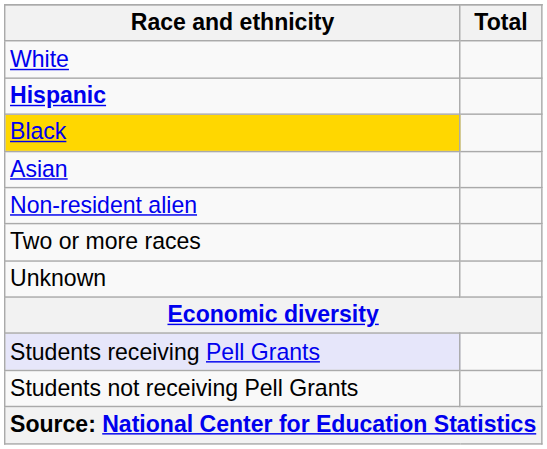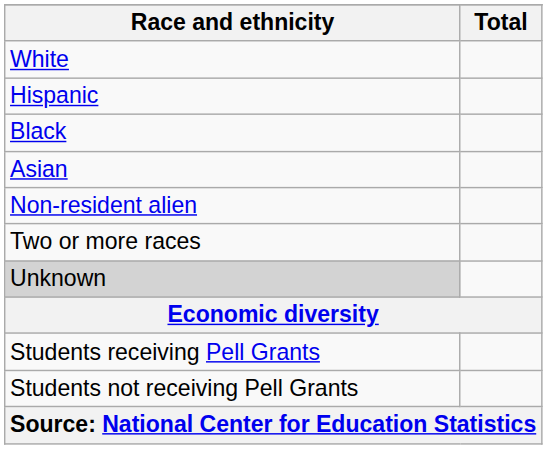 <table class="wikitable floatright sortable collapsible"; text-align:right; font-size:80%;">
 <tr>
 </tr>
 <tr>
 <th>Race and ethnicity</th>
 <th colspan="2" data-sort-type=number>Total</th>
 </tr>
 <tr>
 <td><a href='#'>White</a></td>
 <td></td>
 </tr>
 <tr>
-<td><strong><a href='#'>Hispanic</a></strong></td>
+<td><a href='#'>Hispanic</a></td>
 <td> </td>
 </tr>
 <tr>
-<td style="background: gold;"><a href='#'>Black</a></td>
+<td><a href='#'>Black</a></td>
 <td></td>
 </tr>
 <tr>
 <td><a href='#'>Asian</a></td>
 <td></td>
 </tr>
 <tr>
 <td><a href='#'>Non-resident alien</a></td>
 <td></td>
 </tr>
 <tr>
 <td>Two or more races</td>
 <td></td>
 </tr>
 <tr>
-<td>Unknown</td>
+<td style="background: lightgrey;">Unknown</td>
 <td></td>
 </tr>
 <tr>
 <th colspan="4" data-sort-type=number><a href='#'>Economic diversity</a></th>
 </tr>
 <tr>
-<td style="background: lavender;">Students receiving <a href='#'>Pell Grants</a></td>
+<td>Students receiving <a href='#'>Pell Grants</a></td>
 <td></td>
 </tr>
 <tr>
 <td>Students not receiving Pell Grants</td>
 <td></td>
 </tr>
 <tr>
 <th colspan="3" style="text-align:center;">Source: <a href='#'>National Center for Education Statistics</a></th>
 </tr>
 </table>
